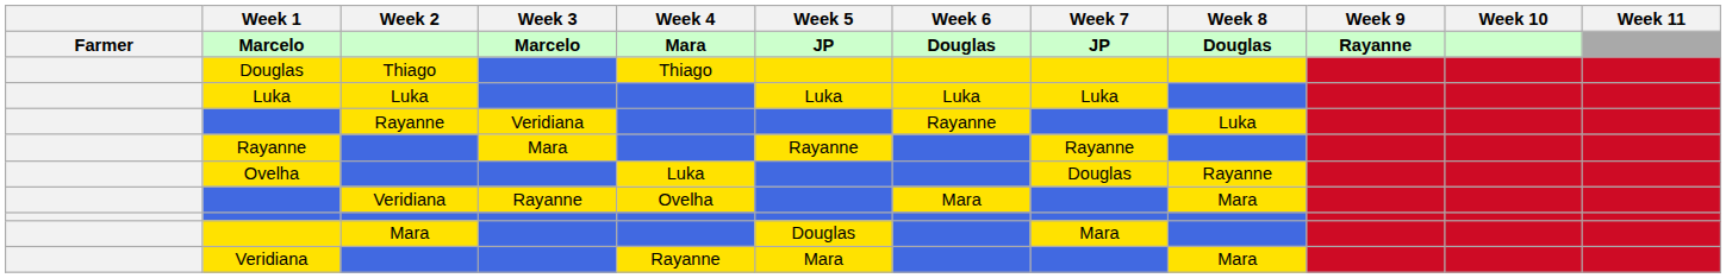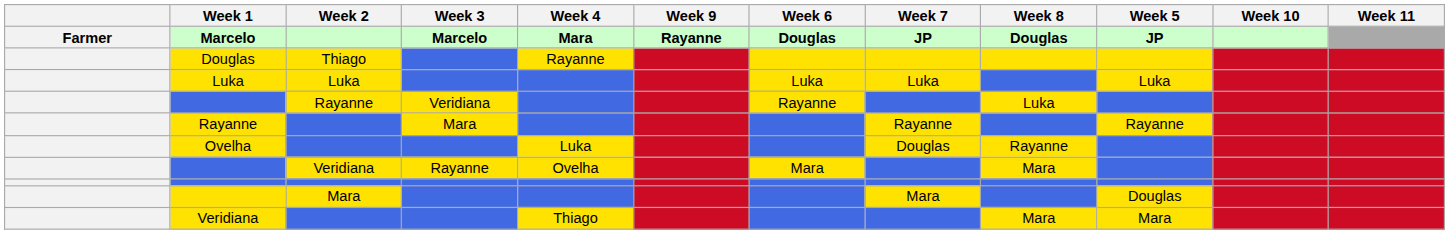 <table class="wikitable" style="text-align:center; font-size:80%; width:100%; line-height:13px;">
 <tr>
 <th width="10%"></th>
 <th width="07%">Week 1</th>
 <th width="07%">Week 2</th>
 <th width="07%">Week 3</th>
 <th width="07%">Week 4</th>
-<th width="07%">Week 5</th>
+<th width="07%">Week 9</th>
 <th width="07%">Week 6</th>
 <th width="07%">Week 7</th>
 <th width="07%">Week 8</th>
-<th width="07%">Week 9</th>
+<th width="07%">Week 5</th>
 <th width="07%">Week 10</th>
 <th width="07%">Week 11</th>
 </tr>
 <tr>
 <th>Farmer</th>
 <td bgcolor="CCFFCC"><strong>Marcelo</strong></td>
 <td bgcolor="CCFFCC"><strong></strong></td>
 <td bgcolor="CCFFCC"><strong>Marcelo</strong></td>
 <td bgcolor="CCFFCC"><strong>Mara</strong></td>
+<td bgcolor="CCFFCC"><strong>Rayanne</strong></td>
+<td bgcolor="CCFFCC"><strong>Douglas</strong></td>
 <td bgcolor="CCFFCC"><strong>JP</strong></td>
 <td bgcolor="CCFFCC"><strong>Douglas</strong></td>
 <td bgcolor="CCFFCC"><strong>JP</strong></td>
-<td bgcolor="CCFFCC"><strong>Douglas</strong></td>
-<td bgcolor="CCFFCC"><strong>Rayanne</strong></td>
 <td bgcolor="CCFFCC"><strong></strong></td>
 <td bgcolor="A9A9A9"></td>
 </tr>
 <tr>
 <th></th>
 <td bgcolor="FFE200">Douglas</td>
 <td bgcolor="FFE200">Thiago</td>
 <td bgcolor="4169E1"></td>
-<td bgcolor="FFE200">Thiago</td>
+<td bgcolor="FFE200">Rayanne</td>
+<td bgcolor="CE0B25"></td>
 <td bgcolor="FFE200"></td>
 <td bgcolor="FFE200"></td>
 <td bgcolor="FFE200"></td>
 <td bgcolor="FFE200"></td>
-<td bgcolor="CE0B25"></td>
 <td bgcolor="CE0B25"></td>
 <td bgcolor="CE0B25"></td>
 </tr>
 <tr>
 <th></th>
 <td bgcolor="FFE200">Luka</td>
 <td bgcolor="FFE200">Luka</td>
 <td bgcolor="4169E1"></td>
 <td bgcolor="4169E1"></td>
-<td bgcolor="FFE200">Luka</td>
+<td bgcolor="CE0B25"></td>
 <td bgcolor="FFE200">Luka</td>
 <td bgcolor="FFE200">Luka</td>
 <td bgcolor="4169E1"></td>
-<td bgcolor="CE0B25"></td>
+<td bgcolor="FFE200">Luka</td>
 <td bgcolor="CE0B25"></td>
 <td bgcolor="CE0B25"></td>
 </tr>
 <tr>
 <th></th>
 <td bgcolor="4169E1"></td>
 <td bgcolor="FFE200">Rayanne</td>
 <td bgcolor="FFE200">Veridiana</td>
 <td bgcolor="4169E1"></td>
-<td bgcolor="4169E1"></td>
+<td bgcolor="CE0B25"></td>
 <td bgcolor="FFE200">Rayanne</td>
 <td bgcolor="4169E1"></td>
 <td bgcolor="FFE200">Luka</td>
-<td bgcolor="CE0B25"></td>
+<td bgcolor="4169E1"></td>
 <td bgcolor="CE0B25"></td>
 <td bgcolor="CE0B25"></td>
 </tr>
 <tr>
 <th></th>
 <td bgcolor="FFE200">Rayanne</td>
 <td bgcolor="4169E1"></td>
 <td bgcolor="FFE200">Mara</td>
 <td bgcolor="4169E1"></td>
+<td bgcolor="CE0B25"></td>
+<td bgcolor="4169E1"></td>
 <td bgcolor="FFE200">Rayanne</td>
 <td bgcolor="4169E1"></td>
 <td bgcolor="FFE200">Rayanne</td>
-<td bgcolor="4169E1"></td>
-<td bgcolor="CE0B25"></td>
 <td bgcolor="CE0B25"></td>
 <td bgcolor="CE0B25"></td>
 </tr>
 <tr>
 <th></th>
 <td bgcolor="FFE200">Ovelha</td>
 <td bgcolor="4169E1"></td>
 <td bgcolor="4169E1"></td>
 <td bgcolor="FFE200">Luka</td>
-<td bgcolor="4169E1"></td>
+<td bgcolor="CE0B25"></td>
 <td bgcolor="4169E1"></td>
 <td bgcolor="FFE200">Douglas</td>
 <td bgcolor="FFE200">Rayanne</td>
-<td bgcolor="CE0B25"></td>
+<td bgcolor="4169E1"></td>
 <td bgcolor="CE0B25"></td>
 <td bgcolor="CE0B25"></td>
 </tr>
 <tr>
 <th></th>
 <td bgcolor="4169E1"></td>
 <td bgcolor="FFE200">Veridiana</td>
 <td bgcolor="FFE200">Rayanne</td>
 <td bgcolor="FFE200">Ovelha</td>
+<td bgcolor="CE0B25"></td>
+<td bgcolor="FFE200">Mara</td>
 <td bgcolor="4169E1"></td>
 <td bgcolor="FFE200">Mara</td>
 <td bgcolor="4169E1"></td>
-<td bgcolor="FFE200">Mara</td>
-<td bgcolor="CE0B25"></td>
 <td bgcolor="CE0B25"></td>
 <td bgcolor="CE0B25"></td>
 </tr>
 <tr>
 <th></th>
 <td bgcolor="4169E1"></td>
 <td bgcolor="4169E1"></td>
 <td bgcolor="4169E1"></td>
 <td bgcolor="4169E1"></td>
+<td bgcolor="CE0B25"></td>
 <td bgcolor="4169E1"></td>
 <td bgcolor="4169E1"></td>
 <td bgcolor="4169E1"></td>
 <td bgcolor="4169E1"></td>
-<td bgcolor="CE0B25"></td>
 <td bgcolor="CE0B25"></td>
 <td bgcolor="CE0B25"></td>
 </tr>
 <tr>
 <th></th>
 <td bgcolor="FFE200"></td>
 <td bgcolor="FFE200">Mara</td>
 <td bgcolor="4169E1"></td>
 <td bgcolor="4169E1"></td>
-<td bgcolor="FFE200">Douglas</td>
+<td bgcolor="CE0B25"></td>
 <td bgcolor="4169E1"></td>
 <td bgcolor="FFE200">Mara</td>
 <td bgcolor="4169E1"></td>
-<td bgcolor="CE0B25"></td>
+<td bgcolor="FFE200">Douglas</td>
 <td bgcolor="CE0B25"></td>
 <td bgcolor="CE0B25"></td>
 </tr>
 <tr>
 <th></th>
 <td bgcolor="FFE200">Veridiana</td>
 <td bgcolor="4169E1"></td>
 <td bgcolor="4169E1"></td>
-<td bgcolor="FFE200">Rayanne</td>
-<td bgcolor="FFE200">Mara</td>
+<td bgcolor="FFE200">Thiago</td>
+<td bgcolor="CE0B25"></td>
 <td bgcolor="4169E1"></td>
 <td bgcolor="4169E1"></td>
 <td bgcolor="FFE200">Mara</td>
-<td bgcolor="CE0B25"></td>
+<td bgcolor="FFE200">Mara</td>
 <td bgcolor="CE0B25"></td>
 <td bgcolor="CE0B25"></td>
 </tr>
 </table>
